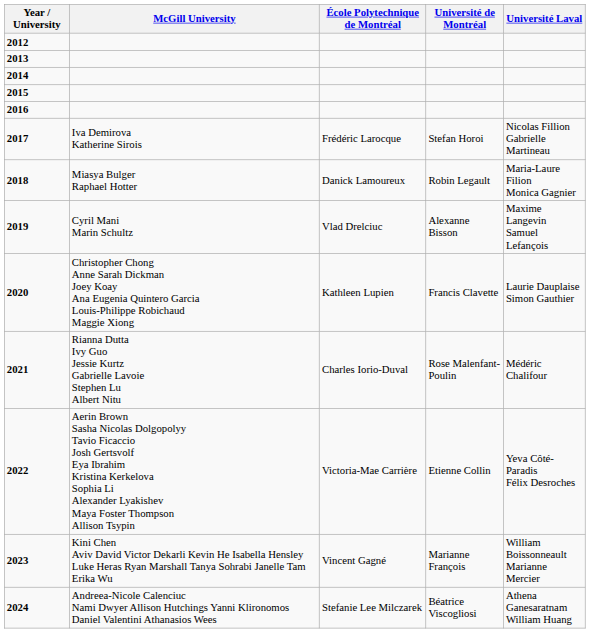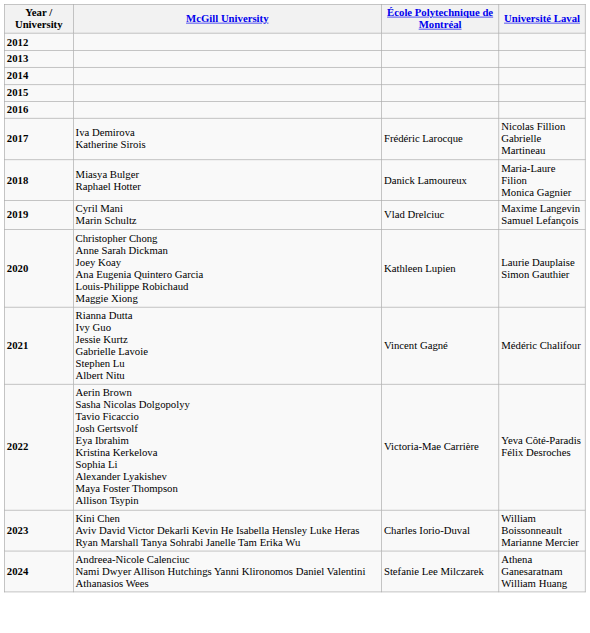 <table class="wikitable">
 <tr>
 <th>Year / University</th>
 <th><strong><a href='#'>McGill University</a></strong></th>
 <th><strong><a href='#'>École Polytechnique de Montréal</a></strong></th>
-<th><strong><a href='#'>Université de Montréal</a></strong></th>
 <th><strong><a href='#'>Université Laval</a></strong></th>
 </tr>
 <tr>
 <td><strong>2012</strong></td>
-<td></td>
 <td></td>
 <td></td>
 <td></td>
 </tr>
 <tr>
 <td><strong>2013</strong></td>
 <td></td>
 <td></td>
 <td></td>
-<td></td>
 </tr>
 <tr>
 <td><strong>2014</strong></td>
-<td></td>
 <td></td>
 <td></td>
 <td></td>
 </tr>
 <tr>
 <td><strong>2015</strong></td>
 <td></td>
 <td></td>
 <td></td>
-<td></td>
 </tr>
 <tr>
 <td><strong>2016</strong></td>
-<td></td>
 <td></td>
 <td></td>
 <td></td>
 </tr>
 <tr>
 <td><strong>2017</strong></td>
 <td>Iva Demirova<br>Katherine Sirois</td>
 <td>Frédéric Larocque</td>
-<td>Stefan Horoi</td>
 <td>Nicolas Fillion<br>Gabrielle Martineau</td>
 </tr>
 <tr>
 <td><strong>2018</strong></td>
 <td>Miasya Bulger<br>Raphael Hotter</td>
 <td>Danick Lamoureux</td>
-<td>Robin Legault</td>
 <td>Maria-Laure Filion<br>Monica Gagnier</td>
 </tr>
 <tr>
 <td><strong>2019</strong></td>
 <td>Cyril Mani<br>Marin Schultz</td>
 <td>Vlad Drelciuc</td>
-<td>Alexanne Bisson</td>
 <td>Maxime Langevin<br>Samuel Lefançois</td>
 </tr>
 <tr>
 <td><strong>2020</strong></td>
 <td>Christopher Chong<br>Anne Sarah Dickman<br>Joey Koay<br>Ana Eugenia Quintero Garcia<br>Louis-Philippe Robichaud<br>Maggie Xiong</td>
 <td>Kathleen Lupien</td>
-<td>Francis Clavette</td>
 <td>Laurie Dauplaise<br>Simon Gauthier</td>
 </tr>
 <tr>
 <td><strong>2021</strong></td>
 <td>Rianna Dutta<br>Ivy Guo<br>Jessie Kurtz<br>Gabrielle Lavoie<br>Stephen Lu<br>Albert Nitu</td>
-<td>Charles Iorio-Duval</td>
-<td>Rose Malenfant-Poulin</td>
+<td>Vincent Gagné</td>
 <td>Médéric Chalifour</td>
 </tr>
 <tr>
 <td><strong>2022</strong></td>
 <td>Aerin Brown<br>Sasha Nicolas Dolgopolyy<br>Tavio Ficaccio<br>Josh Gertsvolf<br>Eya Ibrahim<br>Kristina Kerkelova<br>Sophia Li<br>Alexander Lyakishev<br>Maya Foster Thompson<br>Allison Tsypin</td>
 <td>Victoria-Mae Carrière</td>
-<td>Etienne Collin</td>
 <td>Yeva Côté-Paradis<br>Félix Desroches</td>
 </tr>
 <tr>
 <td><strong>2023</strong></td>
 <td>Kini Chen<br>Aviv David Victor Dekarli Kevin He Isabella Hensley Luke Heras Ryan Marshall Tanya Sohrabi Janelle Tam Erika Wu</td>
-<td>Vincent Gagné</td>
-<td>Marianne François</td>
+<td>Charles Iorio-Duval</td>
 <td>William Boissonneault<br>Marianne Mercier</td>
 </tr>
 <tr>
 <td><strong>2024</strong></td>
 <td>Andreea-Nicole Calenciuc<br>Nami Dwyer Allison Hutchings Yanni Klironomos Daniel Valentini Athanasios Wees</td>
 <td>Stefanie Lee Milczarek</td>
-<td>Béatrice Viscogliosi</td>
 <td>Athena Ganesaratnam<br>William Huang</td>
 </tr>
 </table>
